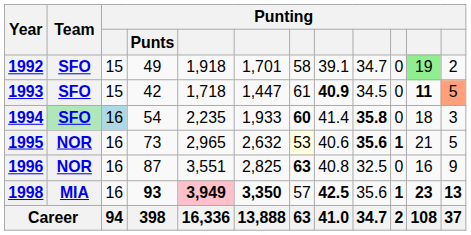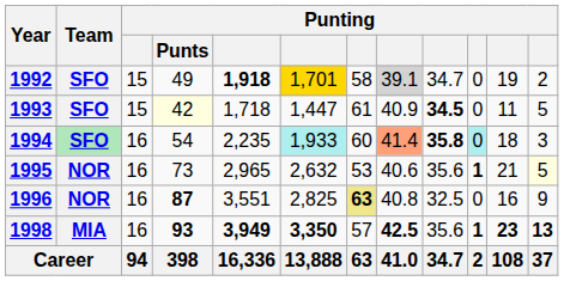 <table class=wikitable style="text-align:center;">
 <tr>
 <th rowspan="2">Year</th>
 <th rowspan="2">Team</th>
 <th colspan="10">Punting</th>
 </tr>
 <tr>
 <th></th>
 <th>Punts</th>
 <th></th>
 <th></th>
 <th></th>
 <th></th>
 <th></th>
 <th></th>
 <th></th>
 <th></th>
 </tr>
 <tr>
 <th><a href='#'>1992</a></th>
 <th><a href='#'>SFO</a></th>
 <td>15</td>
 <td>49</td>
-<td>1,918</td>
-<td>1,701</td>
+<td><strong>1,918</strong></td>
+<td style="background: gold;">1,701</td>
 <td>58</td>
-<td>39.1</td>
+<td style="background: lightgrey;">39.1</td>
 <td>34.7</td>
 <td>0</td>
-<td style="background: lightgreen;">19</td>
+<td>19</td>
 <td>2</td>
 </tr>
 <tr>
 <th><a href='#'>1993</a></th>
 <th><a href='#'>SFO</a></th>
 <td>15</td>
-<td>42</td>
+<td style="background: lightyellow;">42</td>
 <td>1,718</td>
 <td>1,447</td>
 <td>61</td>
-<td><strong>40.9</strong></td>
-<td>34.5</td>
+<td>40.9</td>
+<td><strong>34.5</strong></td>
 <td>0</td>
-<td><strong>11</strong></td>
-<td style="background: lightsalmon;">5</td>
+<td>11</td>
+<td>5</td>
 </tr>
 <tr>
 <th><a href='#'>1994</a></th>
 <th style="background:#afe6ba; width:3em;"><a href='#'>SFO</a></th>
-<td style="background: lightblue;">16</td>
+<td>16</td>
 <td>54</td>
 <td>2,235</td>
-<td>1,933</td>
-<td><strong>60</strong></td>
-<td>41.4</td>
+<td style="background: paleturquoise;">1,933</td>
+<td>60</td>
+<td style="background: lightsalmon;">41.4</td>
 <td><strong>35.8</strong></td>
-<td>0</td>
+<td style="background: paleturquoise;">0</td>
 <td>18</td>
 <td>3</td>
 </tr>
 <tr>
 <th><a href='#'>1995</a></th>
 <th><a href='#'>NOR</a></th>
 <td>16</td>
 <td>73</td>
 <td>2,965</td>
 <td>2,632</td>
-<td style="background: lightyellow;">53</td>
+<td>53</td>
 <td>40.6</td>
-<td><strong>35.6</strong></td>
+<td>35.6</td>
 <td><strong>1</strong></td>
 <td>21</td>
-<td>5</td>
+<td style="background: lightyellow;">5</td>
 </tr>
 <tr>
 <th><a href='#'>1996</a></th>
 <th><a href='#'>NOR</a></th>
 <td>16</td>
-<td>87</td>
+<td><strong>87</strong></td>
 <td>3,551</td>
 <td>2,825</td>
-<td><strong>63</strong></td>
+<td style="background: khaki;"><strong>63</strong></td>
 <td>40.8</td>
 <td>32.5</td>
 <td>0</td>
 <td>16</td>
 <td>9</td>
 </tr>
 <tr>
 <th><a href='#'>1998</a></th>
 <th><a href='#'>MIA</a></th>
 <td>16</td>
 <td><strong>93</strong></td>
-<td style="background: pink;"><strong>3,949</strong></td>
+<td><strong>3,949</strong></td>
 <td><strong>3,350</strong></td>
 <td>57</td>
 <td><strong>42.5</strong></td>
 <td>35.6</td>
 <td><strong>1</strong></td>
 <td><strong>23</strong></td>
 <td><strong>13</strong></td>
 </tr>
 <tr>
 <th colspan="2">Career</th>
 <th>94</th>
 <th>398</th>
 <th>16,336</th>
 <th>13,888</th>
 <th>63</th>
 <th>41.0</th>
 <th>34.7</th>
 <th>2</th>
 <th>108</th>
 <th>37</th>
 </tr>
 </table>
